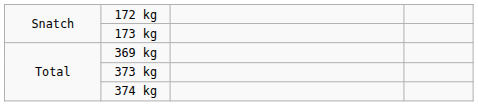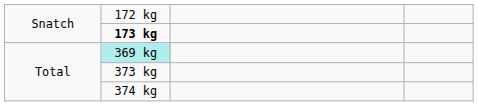 <table class = "wikitable" style="text-align:center;">
 <tr>
 <td width=100 rowspan=2>Snatch</td>
 <td width=70>172 kg</td>
 <td width=250 align=left></td>
 <td width=70></td>
 </tr>
 <tr>
-<td>173 kg</td>
+<td><strong>173 kg</strong></td>
 <td align=left></td>
 <td></td>
 </tr>
 <tr>
 <td rowspan=3>Total</td>
-<td>369 kg</td>
+<td style="background: paleturquoise;">369 kg</td>
 <td align=left></td>
 <td></td>
 </tr>
 <tr>
 <td>373 kg</td>
 <td align=left></td>
 <td></td>
 </tr>
 <tr>
 <td>374 kg</td>
 <td align=left></td>
 <td></td>
 </tr>
 </table>
